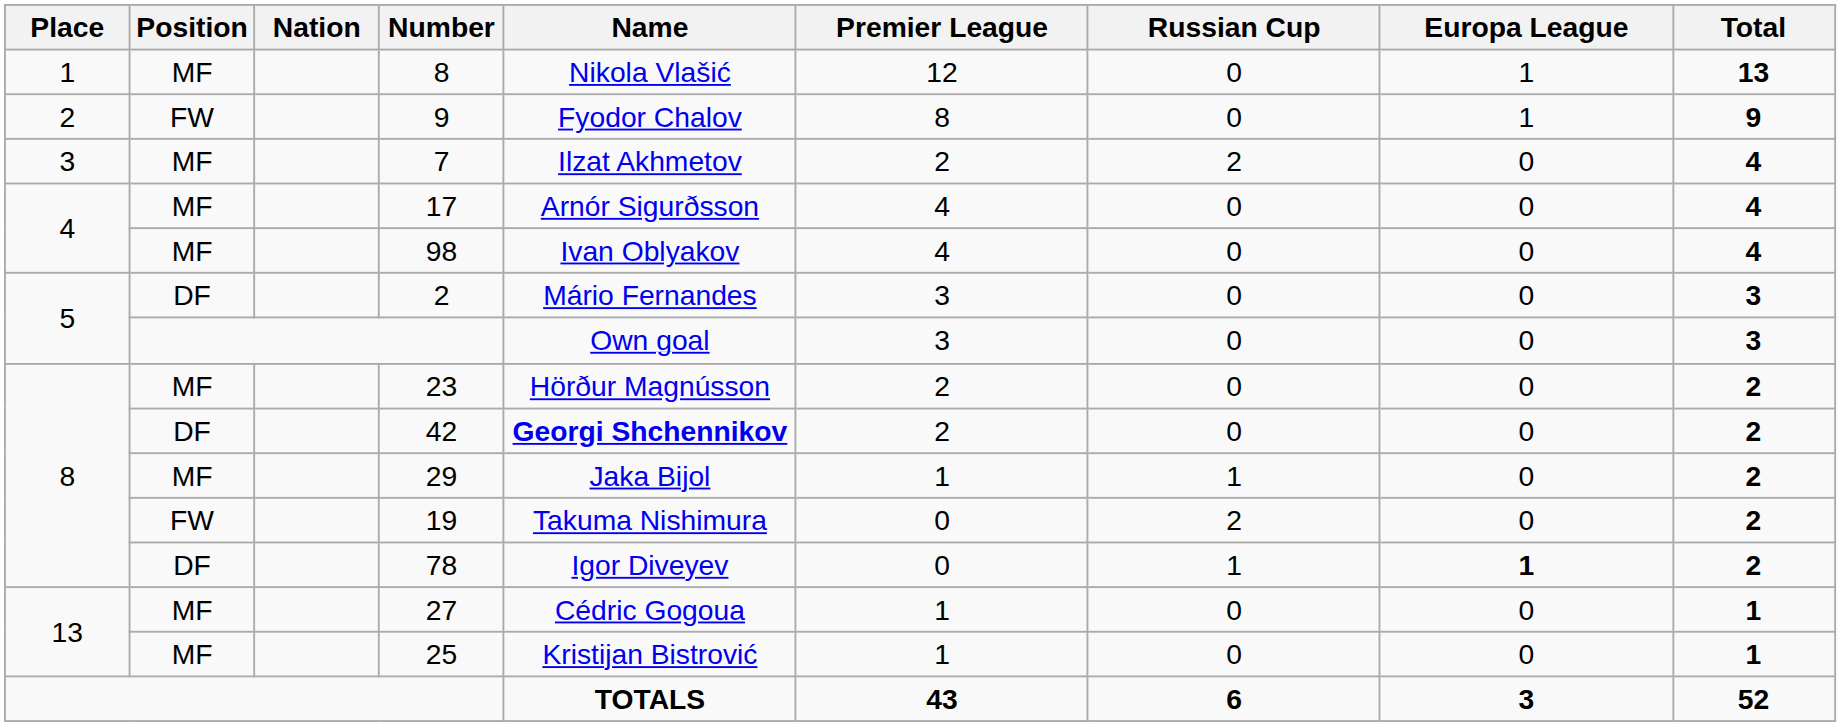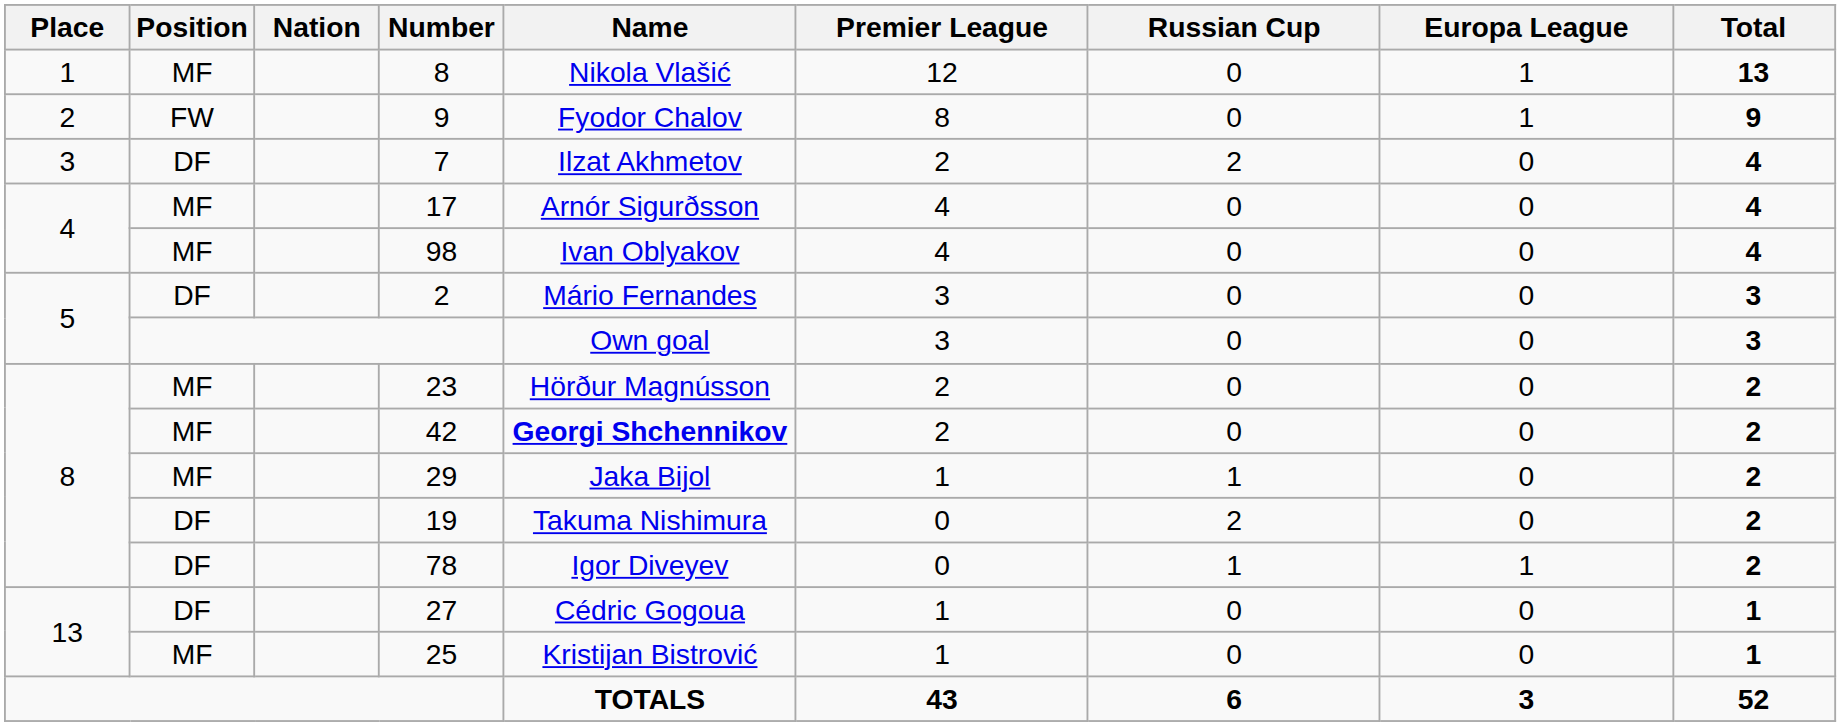 <table class="wikitable" style="font-size: 95%; text-align: center;">
 <tr>
 <th width=60>Place</th>
 <th width=60>Position</th>
 <th width=60>Nation</th>
 <th width=60>Number</th>
 <th width=150>Name</th>
 <th width=150>Premier League</th>
 <th width=150>Russian Cup</th>
 <th width=150>Europa League</th>
 <th width=80>Total</th>
 </tr>
 <tr>
 <td>1</td>
 <td>MF</td>
 <td></td>
 <td>8</td>
 <td><a href='#'>Nikola Vlašić</a></td>
 <td>12</td>
 <td>0</td>
 <td>1</td>
 <td><strong>13</strong></td>
 </tr>
 <tr>
 <td>2</td>
 <td>FW</td>
 <td></td>
 <td>9</td>
 <td><a href='#'>Fyodor Chalov</a></td>
 <td>8</td>
 <td>0</td>
 <td>1</td>
 <td><strong>9</strong></td>
 </tr>
 <tr>
 <td>3</td>
-<td>MF</td>
+<td>DF</td>
 <td></td>
 <td>7</td>
 <td><a href='#'>Ilzat Akhmetov</a></td>
 <td>2</td>
 <td>2</td>
 <td>0</td>
 <td><strong>4</strong></td>
 </tr>
 <tr>
 <td rowspan="2'">4</td>
 <td>MF</td>
 <td></td>
 <td>17</td>
 <td><a href='#'>Arnór Sigurðsson</a></td>
 <td>4</td>
 <td>0</td>
 <td>0</td>
 <td><strong>4</strong></td>
 </tr>
 <tr>
 <td>MF</td>
 <td></td>
 <td>98</td>
 <td><a href='#'>Ivan Oblyakov</a></td>
 <td>4</td>
 <td>0</td>
 <td>0</td>
 <td><strong>4</strong></td>
 </tr>
 <tr>
 <td rowspan="2'">5</td>
 <td>DF</td>
 <td></td>
 <td>2</td>
 <td><a href='#'>Mário Fernandes</a></td>
 <td>3</td>
 <td>0</td>
 <td>0</td>
 <td><strong>3</strong></td>
 </tr>
 <tr>
 <td colspan="3"></td>
 <td><a href='#'>Own goal</a></td>
 <td>3</td>
 <td>0</td>
 <td>0</td>
 <td><strong>3</strong></td>
 </tr>
 <tr>
 <td rowspan="5'">8</td>
 <td>MF</td>
 <td></td>
 <td>23</td>
 <td><a href='#'>Hörður Magnússon</a></td>
 <td>2</td>
 <td>0</td>
 <td>0</td>
 <td><strong>2</strong></td>
 </tr>
 <tr>
-<td>DF</td>
+<td>MF</td>
 <td></td>
 <td>42</td>
 <td><strong><a href='#'>Georgi Shchennikov</a></strong></td>
 <td>2</td>
 <td>0</td>
 <td>0</td>
 <td><strong>2</strong></td>
 </tr>
 <tr>
 <td>MF</td>
 <td></td>
 <td>29</td>
 <td><a href='#'>Jaka Bijol</a></td>
 <td>1</td>
 <td>1</td>
 <td>0</td>
 <td><strong>2</strong></td>
 </tr>
 <tr>
-<td>FW</td>
+<td>DF</td>
 <td></td>
 <td>19</td>
 <td><a href='#'>Takuma Nishimura</a></td>
 <td>0</td>
 <td>2</td>
 <td>0</td>
 <td><strong>2</strong></td>
 </tr>
 <tr>
 <td>DF</td>
 <td></td>
 <td>78</td>
 <td><a href='#'>Igor Diveyev</a></td>
 <td>0</td>
 <td>1</td>
-<td><strong>1</strong></td>
+<td>1</td>
 <td><strong>2</strong></td>
 </tr>
 <tr>
 <td rowspan="2'">13</td>
-<td>MF</td>
+<td>DF</td>
 <td></td>
 <td>27</td>
 <td><a href='#'>Cédric Gogoua</a></td>
 <td>1</td>
 <td>0</td>
 <td>0</td>
 <td><strong>1</strong></td>
 </tr>
 <tr>
 <td>MF</td>
 <td></td>
 <td>25</td>
 <td><a href='#'>Kristijan Bistrović</a></td>
 <td>1</td>
 <td>0</td>
 <td>0</td>
 <td><strong>1</strong></td>
 </tr>
 <tr>
 <td colspan="4"></td>
 <td><strong>TOTALS</strong></td>
 <td><strong>43</strong></td>
 <td><strong>6</strong></td>
 <td><strong>3</strong></td>
 <td><strong>52</strong></td>
 </tr>
 </table>
